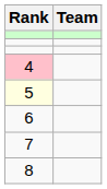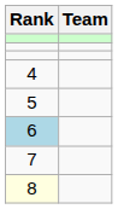 <table class="wikitable">
 <tr>
 <th>Rank</th>
 <th>Team</th>
 </tr>
 <tr bgcolor=ccffcc>
 <td align=center></td>
 <td></td>
 </tr>
 <tr>
 <td align=center></td>
 <td></td>
 </tr>
 <tr>
 <td align=center></td>
 <td></td>
 </tr>
 <tr>
-<td align=center style="background: pink;">4</td>
+<td align=center>4</td>
 <td></td>
 </tr>
 <tr>
-<td align=center style="background: lightyellow;">5</td>
+<td align=center>5</td>
 <td></td>
 </tr>
 <tr>
-<td align=center>6</td>
+<td align=center style="background: lightblue;">6</td>
 <td></td>
 </tr>
 <tr>
 <td align=center>7</td>
 <td></td>
 </tr>
 <tr>
-<td align=center>8</td>
+<td align=center style="background: lightyellow;">8</td>
 <td></td>
 </tr>
 </table>
